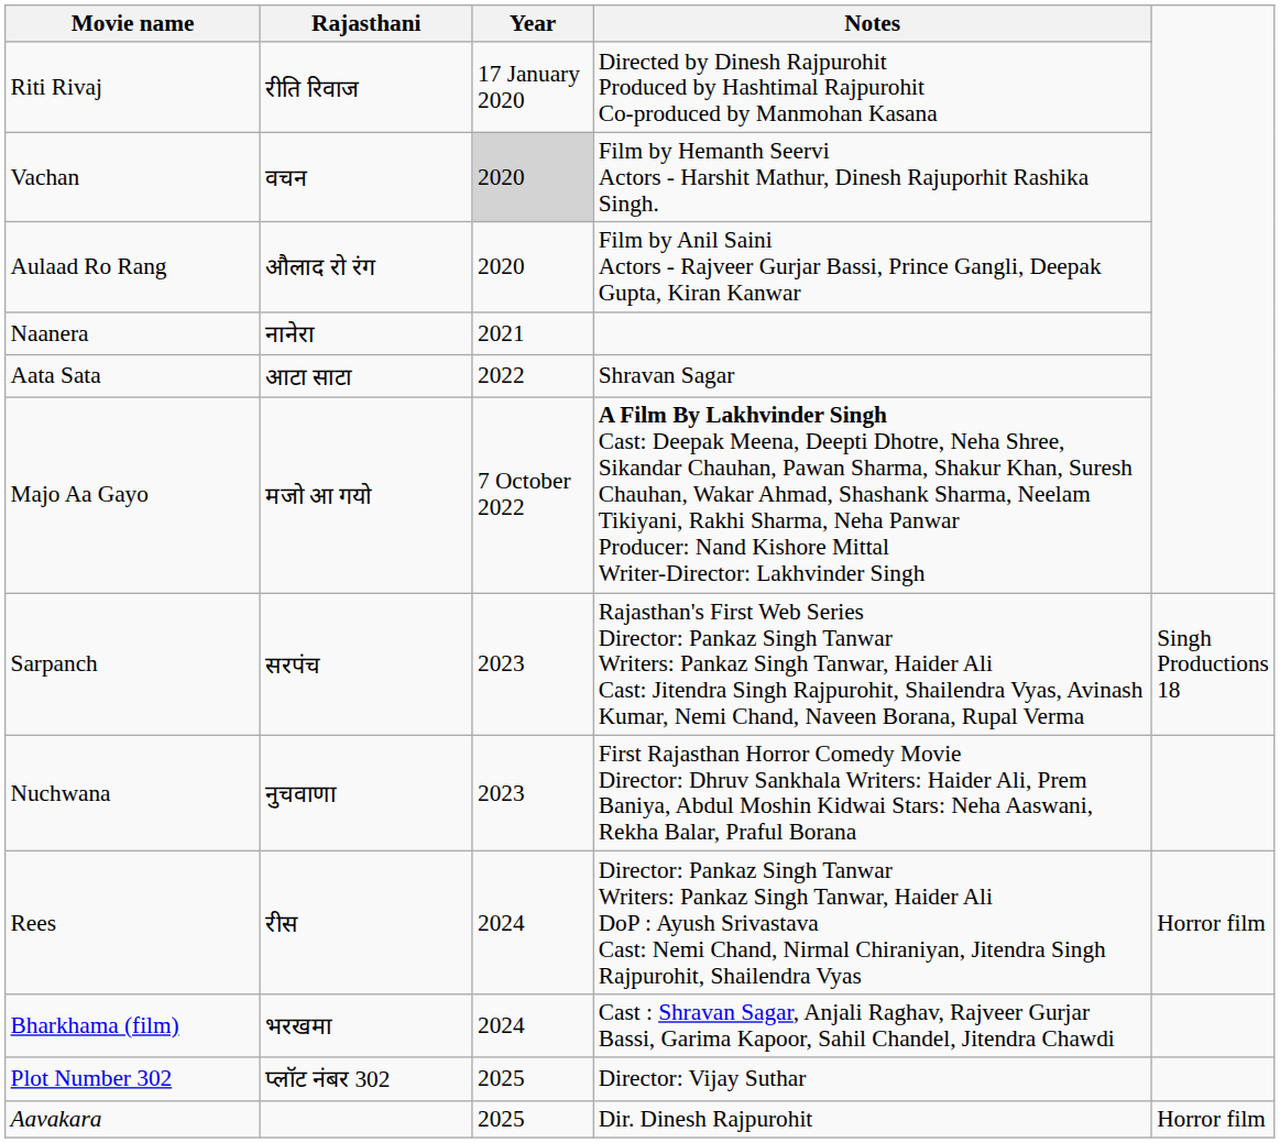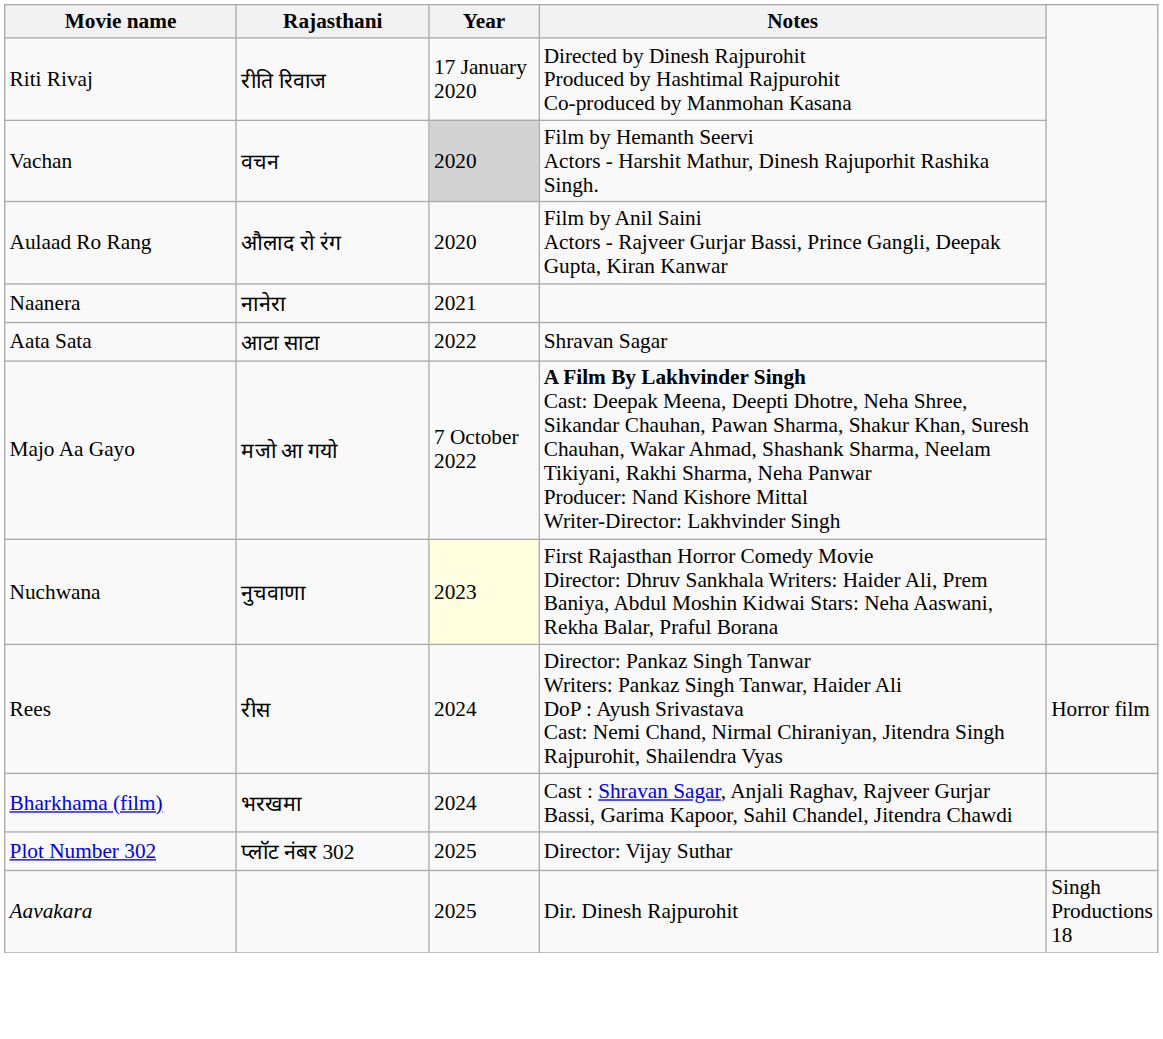 <table class="wikitable sortable">
 <tr>
 <th scope="col" style="width: 22%;">Movie name</th>
 <th scope="col" style="width: 18%;">Rajasthani</th>
 <th scope="col" style="width: 10%;">Year</th>
 <th scope="col" style="width: 50%;">Notes</th>
 </tr>
 <tr>
 <td>Riti Rivaj</td>
 <td>रीति रिवाज</td>
 <td>17 January 2020</td>
 <td>Directed by Dinesh Rajpurohit<br>Produced by Hashtimal Rajpurohit<br>Co-produced by Manmohan Kasana</td>
 </tr>
 <tr>
 <td>Vachan</td>
 <td>वचन</td>
 <td style="background: lightgrey;">2020</td>
 <td>Film by Hemanth Seervi<br>Actors - Harshit Mathur, Dinesh Rajuporhit Rashika Singh.</td>
 </tr>
 <tr>
 <td>Aulaad Ro Rang</td>
 <td>औलाद रो रंग</td>
 <td>2020</td>
 <td>Film by Anil Saini<br>Actors - Rajveer Gurjar Bassi, Prince Gangli, Deepak Gupta, Kiran Kanwar</td>
 </tr>
 <tr>
 <td>Naanera</td>
 <td>नानेरा</td>
 <td>2021</td>
 <td></td>
 </tr>
 <tr>
 <td>Aata Sata</td>
 <td>आटा साटा</td>
 <td>2022</td>
 <td>Shravan Sagar</td>
 </tr>
 <tr>
 <td>Majo Aa Gayo</td>
 <td>मजो आ गयो</td>
 <td>7 October 2022</td>
 <td><strong>A Film By Lakhvinder Singh</strong><br>Cast: Deepak Meena, Deepti Dhotre, Neha Shree, Sikandar Chauhan, Pawan Sharma, Shakur Khan, Suresh Chauhan, Wakar Ahmad, Shashank Sharma, Neelam Tikiyani, Rakhi Sharma, Neha Panwar<br>Producer: Nand Kishore Mittal<br>Writer-Director: Lakhvinder Singh</td>
 </tr>
 <tr>
-<td>Sarpanch</td>
-<td>सरपंच</td>
-<td>2023</td>
-<td>Rajasthan's First Web Series<br>Director: Pankaz Singh Tanwar<br>Writers: Pankaz Singh Tanwar, Haider Ali<br>Cast: Jitendra Singh Rajpurohit, Shailendra Vyas, Avinash Kumar, Nemi Chand, Naveen Borana, Rupal Verma</td>
-<td>Singh Productions 18</td>
-</tr>
-<tr>
 <td>Nuchwana</td>
 <td>नुचवाणा</td>
-<td>2023</td>
+<td style="background: lightyellow;">2023</td>
 <td>First Rajasthan Horror Comedy Movie<br>Director: Dhruv Sankhala Writers: Haider Ali, Prem Baniya, Abdul Moshin Kidwai Stars: Neha Aaswani, Rekha Balar, Praful Borana</td>
 </tr>
 <tr>
 <td>Rees</td>
 <td>रीस</td>
 <td>2024</td>
 <td>Director: Pankaz Singh Tanwar<br>Writers: Pankaz Singh Tanwar, Haider Ali<br>DoP : Ayush Srivastava<br>Cast: Nemi Chand, Nirmal Chiraniyan, Jitendra Singh Rajpurohit, Shailendra Vyas</td>
 <td>Horror film</td>
 </tr>
 <tr>
 <td><a href='#'>Bharkhama (film)</a></td>
 <td>भरखमा</td>
 <td>2024</td>
 <td>Cast : <a href='#'>Shravan Sagar</a>, Anjali Raghav, Rajveer Gurjar Bassi, Garima Kapoor, Sahil Chandel, Jitendra Chawdi</td>
 </tr>
 <tr>
 <td><a href='#'>Plot Number 302</a></td>
 <td>प्लॉट नंबर 302</td>
 <td>2025</td>
 <td>Director: Vijay Suthar </td>
 <td></td>
 </tr>
 <tr>
 <td><em>Aavakara</em></td>
 <td></td>
 <td>2025</td>
 <td>Dir. Dinesh Rajpurohit</td>
-<td>Horror film</td>
+<td>Singh Productions 18</td>
 </tr>
 </table>
